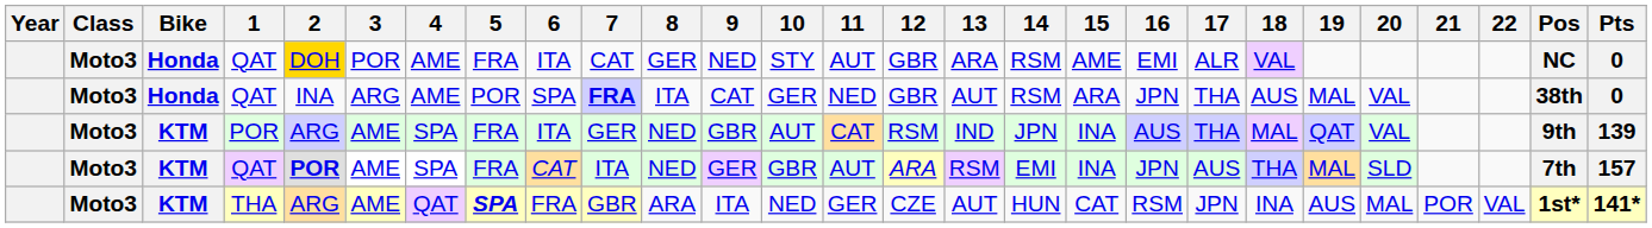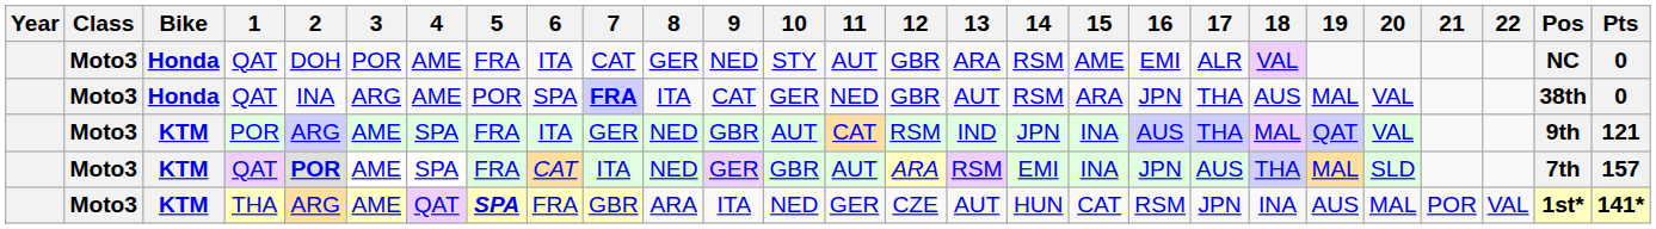 <table class="wikitable" style="text-align:center;">
 <tr>
 <th>Year</th>
 <th>Class</th>
 <th>Bike</th>
 <th>1</th>
 <th>2</th>
 <th>3</th>
 <th>4</th>
 <th>5</th>
 <th>6</th>
 <th>7</th>
 <th>8</th>
 <th>9</th>
 <th>10</th>
 <th>11</th>
 <th>12</th>
 <th>13</th>
 <th>14</th>
 <th>15</th>
 <th>16</th>
 <th>17</th>
 <th>18</th>
 <th>19</th>
 <th>20</th>
 <th>21</th>
 <th>22</th>
 <th>Pos</th>
 <th>Pts</th>
 </tr>
 <tr>
 <th></th>
 <th>Moto3</th>
 <th><a href='#'>Honda</a></th>
 <td><a href='#'>QAT</a></td>
-<td style="background: gold;"><a href='#'>DOH</a></td>
+<td><a href='#'>DOH</a></td>
 <td><a href='#'>POR</a></td>
 <td><a href='#'>AME</a></td>
 <td><a href='#'>FRA</a></td>
 <td><a href='#'>ITA</a></td>
 <td><a href='#'>CAT</a></td>
 <td><a href='#'>GER</a></td>
 <td><a href='#'>NED</a></td>
 <td><a href='#'>STY</a></td>
 <td><a href='#'>AUT</a></td>
 <td><a href='#'>GBR</a></td>
 <td><a href='#'>ARA</a></td>
 <td><a href='#'>RSM</a></td>
 <td><a href='#'>AME</a></td>
 <td><a href='#'>EMI</a></td>
 <td><a href='#'>ALR</a></td>
 <td style="background:#efcfff;"><a href='#'>VAL</a><br></td>
 <td></td>
 <td></td>
 <td></td>
 <td></td>
 <th>NC</th>
 <th>0</th>
 </tr>
 <tr>
 <th></th>
 <th>Moto3</th>
 <th><a href='#'>Honda</a></th>
 <td><a href='#'>QAT</a></td>
 <td><a href='#'>INA</a></td>
 <td><a href='#'>ARG</a></td>
 <td><a href='#'>AME</a></td>
 <td><a href='#'>POR</a></td>
 <td><a href='#'>SPA</a></td>
 <td style="background:#cfcfff;"><strong><a href='#'>FRA</a><br></strong></td>
 <td><a href='#'>ITA</a></td>
 <td><a href='#'>CAT</a></td>
 <td><a href='#'>GER</a></td>
 <td><a href='#'>NED</a></td>
 <td><a href='#'>GBR</a></td>
 <td><a href='#'>AUT</a></td>
 <td><a href='#'>RSM</a></td>
 <td><a href='#'>ARA</a></td>
 <td><a href='#'>JPN</a></td>
 <td><a href='#'>THA</a></td>
 <td><a href='#'>AUS</a></td>
 <td><a href='#'>MAL</a></td>
 <td><a href='#'>VAL</a></td>
 <td></td>
 <td></td>
 <th>38th</th>
 <th>0</th>
 </tr>
 <tr>
 <th align="left"></th>
 <th align="left">Moto3</th>
 <th align="left"><a href='#'>KTM</a></th>
 <td style="background:#dfffdf;"><a href='#'>POR</a><br></td>
 <td style="background:#cfcfff;"><a href='#'>ARG</a><br></td>
 <td style="background:#dfffdf;"><a href='#'>AME</a><br></td>
 <td style="background:#dfffdf;"><a href='#'>SPA</a><br></td>
 <td style="background:#dfffdf;"><a href='#'>FRA</a><br></td>
 <td style="background:#dfffdf;"><a href='#'>ITA</a><br></td>
 <td style="background:#dfffdf;"><a href='#'>GER</a><br></td>
 <td style="background:#dfffdf;"><a href='#'>NED</a><br></td>
 <td style="background:#dfffdf;"><a href='#'>GBR</a><br></td>
 <td style="background:#dfffdf;"><a href='#'>AUT</a><br></td>
 <td style="background:#ffdf9f;"><a href='#'>CAT</a><br></td>
 <td style="background:#dfffdf;"><a href='#'>RSM</a><br></td>
 <td style="background:#dfffdf;"><a href='#'>IND</a><br></td>
 <td style="background:#dfffdf;"><a href='#'>JPN</a><br></td>
 <td style="background:#dfffdf;"><a href='#'>INA</a><br></td>
 <td style="background:#cfcfff;"><a href='#'>AUS</a><br></td>
 <td style="background:#cfcfff;"><a href='#'>THA</a><br></td>
 <td style="background:#efcfff;"><a href='#'>MAL</a><br></td>
 <td style="background:#cfcfff;"><a href='#'>QAT</a><br></td>
 <td style="background:#dfffdf;"><a href='#'>VAL</a><br></td>
 <td></td>
 <td></td>
 <th>9th</th>
-<th>139</th>
+<th>121</th>
 </tr>
 <tr>
 <th></th>
 <th>Moto3</th>
 <th><a href='#'>KTM</a></th>
 <td style="background:#EFCFFF;"><a href='#'>QAT</a><br></td>
 <td style="background:#DFDFDF;"><strong><a href='#'>POR</a></strong><br></td>
 <td style="background:#FFFFFF;"><a href='#'>AME</a><br></td>
 <td style="background:#FFFFFF;"><a href='#'>SPA</a><br></td>
 <td style="background:#DFFFDF;"><a href='#'>FRA</a><br></td>
 <td style="background:#ffdf9f;"><em><a href='#'>CAT</a></em><br></td>
 <td style="background:#DFFFDF;"><a href='#'>ITA</a> <br></td>
 <td style="background:#DFFFDF;"><a href='#'>NED</a><br></td>
 <td style="background:#EFCFFF;"><a href='#'>GER</a><br></td>
 <td style="background:#DFFFDF;"><a href='#'>GBR</a><br></td>
 <td style="background:#DFFFDF;"><a href='#'>AUT</a><br></td>
 <td style="background:#FFFFBF;"><em><a href='#'>ARA</a></em><br></td>
 <td style="background:#EFCFFF;"><a href='#'>RSM</a><br></td>
 <td style="background:#DFFFDF;"><a href='#'>EMI</a><br></td>
 <td style="background:#DFFFDF;"><a href='#'>INA</a><br></td>
 <td style="background:#DFFFDF;"><a href='#'>JPN</a><br></td>
 <td style="background:#DFFFDF;"><a href='#'>AUS</a><br></td>
 <td style="background:#CFCFFF;"><a href='#'>THA</a><br></td>
 <td style="background:#FFDF9F;"><a href='#'>MAL</a><br></td>
 <td style="background:#DFFFDF;"><a href='#'>SLD</a><br></td>
 <td></td>
 <td></td>
 <th>7th</th>
 <th>157</th>
 </tr>
 <tr>
 <th></th>
 <th>Moto3</th>
 <th><a href='#'>KTM</a></th>
 <td style="background:#FFFFBF;"><a href='#'>THA</a><br></td>
 <td style="background:#FFDF9F;"><a href='#'>ARG</a><br></td>
 <td style="background:#FFFFBF;"><a href='#'>AME</a><br></td>
 <td style="background:#EFCFFF;"><a href='#'>QAT</a><br></td>
 <td style="background:#FFFFBF;"><strong><em><a href='#'>SPA</a></em></strong><br></td>
 <td style="background:#FFFFBF;"><a href='#'>FRA</a><br></td>
 <td style="background:#FFFFBF;"><a href='#'>GBR</a><br></td>
 <td style="background:#;"><a href='#'>ARA</a><br></td>
 <td style="background:#;"><a href='#'>ITA</a><br></td>
 <td style="background:#;"><a href='#'>NED</a><br></td>
 <td style="background:#;"><a href='#'>GER</a><br></td>
 <td style="background:#;"><a href='#'>CZE</a><br></td>
 <td style="background:#;"><a href='#'>AUT</a><br></td>
 <td style="background:#;"><a href='#'>HUN</a><br></td>
 <td style="background:#;"><a href='#'>CAT</a><br></td>
 <td style="background:#;"><a href='#'>RSM</a><br></td>
 <td style="background:#;"><a href='#'>JPN</a><br></td>
 <td style="background:#;"><a href='#'>INA</a><br></td>
 <td style="background:#;"><a href='#'>AUS</a><br></td>
 <td style="background:#;"><a href='#'>MAL</a><br></td>
 <td style="background:#;"><a href='#'>POR</a><br></td>
 <td style="background:#;"><a href='#'>VAL</a><br></td>
 <th style="background:#FFFFBF;">1st*</th>
 <th style="background:#FFFFBF;">141*</th>
 </tr>
 </table>
